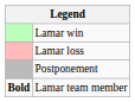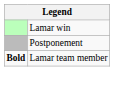 <table class="wikitable" style="font-size:90%">
 <tr>
 <th colspan="2">Legend</th>
 </tr>
 <tr>
 <td bgcolor="#bbffbb"> </td>
 <td>Lamar win</td>
-</tr>
-<tr>
-<td bgcolor="#ffbbbb"> </td>
-<td>Lamar loss</td>
 </tr>
 <tr>
 <td bgcolor="#bbbbbb"> </td>
 <td>Postponement</td>
 </tr>
 <tr>
 <td><strong>Bold</strong></td>
 <td>Lamar team member</td>
 </tr>
 </table>
